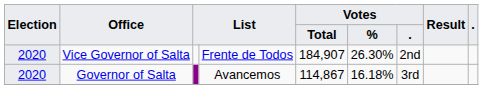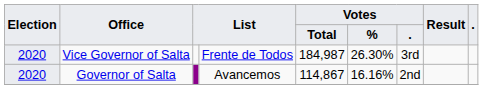 <table class="wikitable" style="font-size:90%; text-align:center;">
 <tr>
 <th style="background-color:#EAECF0;" rowspan=2>Election</th>
 <th style="background-color:#EAECF0;" rowspan=2>Office</th>
 <th style="background-color:#EAECF0;" colspan=2 rowspan=2>List</th>
 <th style="background-color:#EAECF0;" colspan=3>Votes</th>
 <th style="background-color:#EAECF0;" rowspan=2>Result</th>
 <th style="background-color:#EAECF0;" rowspan=2>.</th>
 </tr>
 <tr>
 <th style="background-color:#EAECF0;">Total</th>
 <th style="background-color:#EAECF0;">%</th>
 <th style="background-color:#EAECF0;">.</th>
 </tr>
 <tr>
 <td style="background-color:#EAECF0;"><a href='#'>2020</a></td>
 <td><a href='#'>Vice Governor of Salta</a></td>
 <td style="background-color:"></td>
 <td><a href='#'>Frente de Todos</a></td>
-<td>184,907</td>
+<td>184,987</td>
 <td>26.30%</td>
-<td>2nd</td>
+<td>3rd</td>
 <td></td>
 <td></td>
 </tr>
 <tr>
 <td style="background-color:#EAECF0;"><a href='#'>2020</a></td>
 <td><a href='#'>Governor of Salta</a></td>
 <td style="background-color:#8B008B;"></td>
 <td>Avancemos</td>
 <td>114,867</td>
-<td>16.18%</td>
-<td>3rd</td>
+<td>16.16%</td>
+<td>2nd</td>
 <td></td>
 <td></td>
 </tr>
 <tr>
 </tr>
 </table>
